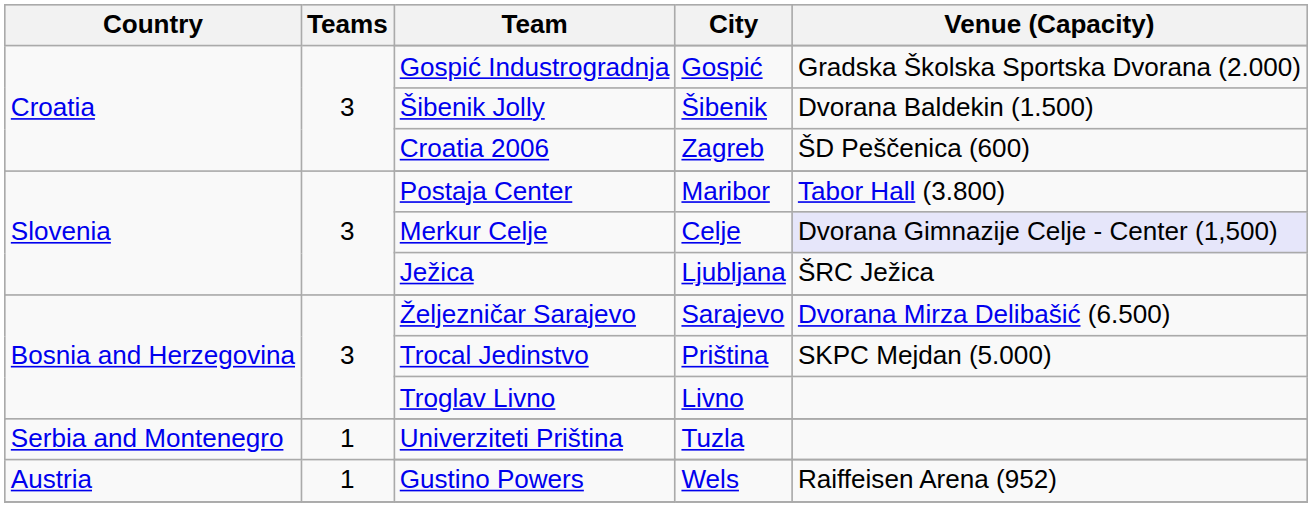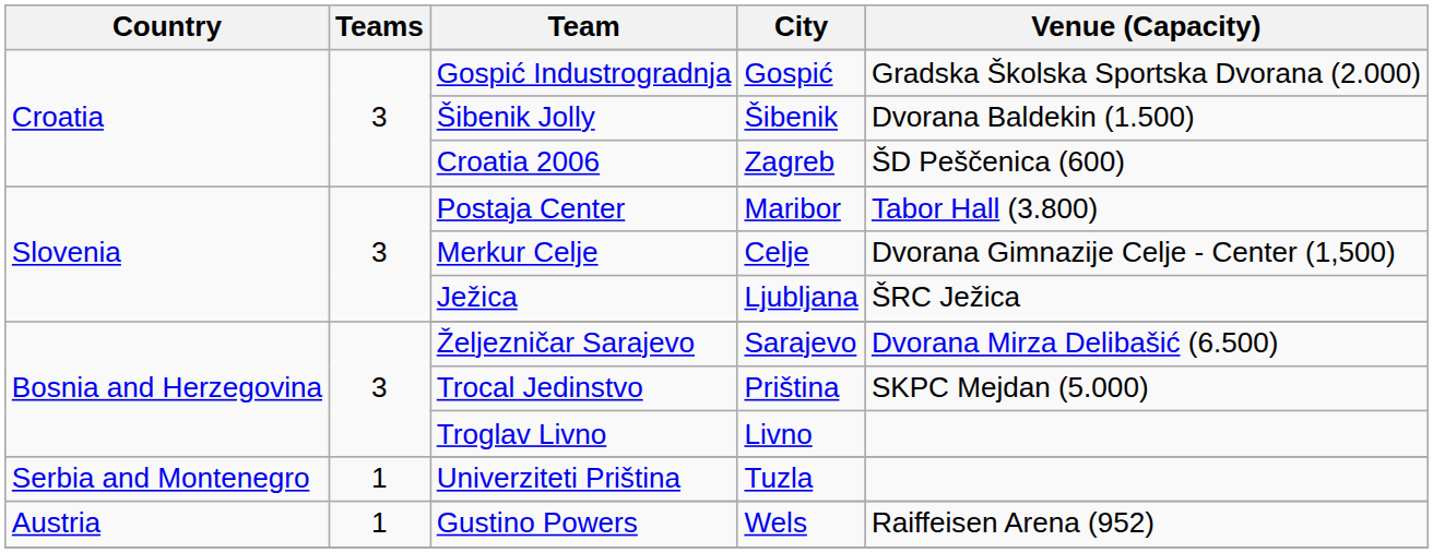 <table class="wikitable">
 <tr>
 <th>Country</th>
 <th>Teams</th>
 <th>Team</th>
 <th>City</th>
 <th>Venue (Capacity)</th>
 </tr>
 <tr>
 <td rowspan=4> <a href='#'>Croatia</a></td>
 <td align=center rowspan=4>3</td>
 </tr>
 <tr>
 <td><a href='#'>Gospić Industrogradnja</a></td>
 <td><a href='#'>Gospić</a></td>
 <td>Gradska Školska Sportska Dvorana (2.000)</td>
 </tr>
 <tr>
 <td><a href='#'>Šibenik Jolly</a></td>
 <td><a href='#'>Šibenik</a></td>
 <td>Dvorana Baldekin (1.500)</td>
 </tr>
 <tr>
 <td><a href='#'>Croatia 2006</a></td>
 <td><a href='#'>Zagreb</a></td>
 <td>ŠD Peščenica (600)</td>
 </tr>
 <tr>
 <td rowspan=4> <a href='#'>Slovenia</a></td>
 <td align=center rowspan=4>3</td>
 </tr>
 <tr>
 <td><a href='#'>Postaja Center</a></td>
 <td><a href='#'>Maribor</a></td>
 <td><a href='#'>Tabor Hall</a> (3.800)</td>
 </tr>
 <tr>
 <td><a href='#'>Merkur Celje</a></td>
 <td><a href='#'>Celje</a></td>
-<td style="background: lavender;">Dvorana Gimnazije Celje - Center (1,500)</td>
+<td>Dvorana Gimnazije Celje - Center (1,500)</td>
 </tr>
 <tr>
 <td><a href='#'>Ježica</a></td>
 <td><a href='#'>Ljubljana</a></td>
 <td>ŠRC Ježica</td>
 </tr>
 <tr>
 <td rowspan=4> <a href='#'>Bosnia and Herzegovina</a></td>
 <td align=center rowspan=4>3</td>
 </tr>
 <tr>
 <td><a href='#'>Željezničar Sarajevo</a></td>
 <td><a href='#'>Sarajevo</a></td>
 <td><a href='#'>Dvorana Mirza Delibašić</a> (6.500)</td>
 </tr>
 <tr>
 <td><a href='#'>Trocal Jedinstvo</a></td>
 <td><a href='#'>Priština</a></td>
 <td>SKPC Mejdan (5.000)</td>
 </tr>
 <tr>
 <td><a href='#'>Troglav Livno</a></td>
 <td><a href='#'>Livno</a></td>
 <td></td>
 </tr>
 <tr>
 <td rowspan=2> <a href='#'>Serbia and Montenegro</a></td>
 <td align=center rowspan=2>1</td>
 </tr>
 <tr>
 <td><a href='#'>Univerziteti Priština</a></td>
 <td><a href='#'>Tuzla</a></td>
 <td></td>
 </tr>
 <tr>
 <td rowspan=2> <a href='#'>Austria</a></td>
 <td align=center rowspan=2>1</td>
 </tr>
 <tr>
 <td><a href='#'>Gustino Powers</a></td>
 <td><a href='#'>Wels</a></td>
 <td>Raiffeisen Arena (952)</td>
 </tr>
 <tr>
 </tr>
 </table>
